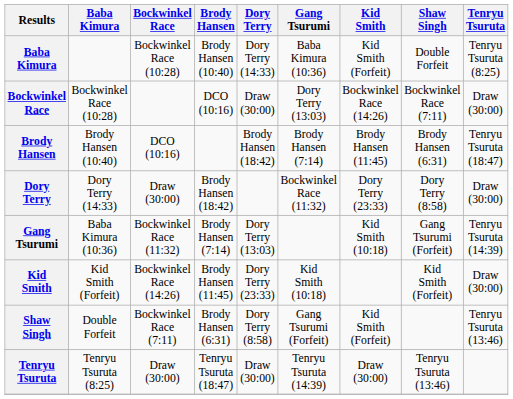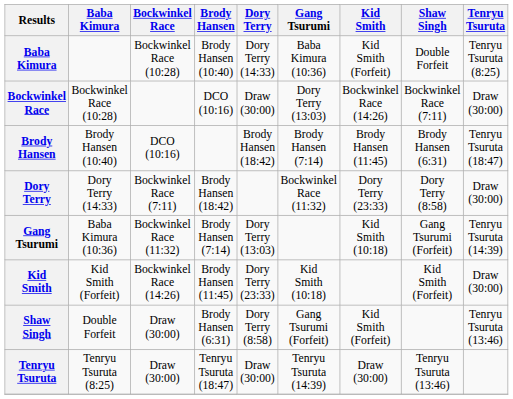 <table class="wikitable" style="text-align:center; margin: 1em auto 1em auto">
 <tr>
 <th>Results</th>
 <th><a href='#'>Baba</a><br><a href='#'>Kimura</a></th>
 <th><a href='#'>Bockwinkel</a><br><a href='#'>Race</a></th>
 <th><a href='#'>Brody</a><br><a href='#'>Hansen</a></th>
 <th><a href='#'>Dory</a><br><a href='#'>Terry</a></th>
 <th><a href='#'>Gang</a><br>Tsurumi</th>
 <th><a href='#'>Kid</a><br><a href='#'>Smith</a></th>
 <th><a href='#'>Shaw</a><br><a href='#'>Singh</a></th>
 <th><a href='#'>Tenryu</a><br><a href='#'>Tsuruta</a></th>
 </tr>
 <tr>
 <th><a href='#'>Baba</a><br><a href='#'>Kimura</a></th>
 <td></td>
 <td>Bockwinkel<br>Race<br>(10:28)</td>
 <td>Brody<br>Hansen<br>(10:40)</td>
 <td>Dory<br>Terry<br>(14:33)</td>
 <td>Baba<br>Kimura<br>(10:36)</td>
 <td>Kid<br>Smith<br>(Forfeit)</td>
 <td>Double<br>Forfeit</td>
 <td>Tenryu<br>Tsuruta<br>(8:25)</td>
 </tr>
 <tr>
 <th><a href='#'>Bockwinkel</a><br><a href='#'>Race</a></th>
 <td>Bockwinkel<br>Race<br>(10:28)</td>
 <td></td>
 <td>DCO<br>(10:16)</td>
 <td>Draw<br>(30:00)</td>
 <td>Dory<br>Terry<br>(13:03)</td>
 <td>Bockwinkel<br>Race<br>(14:26)</td>
 <td>Bockwinkel<br>Race<br>(7:11)</td>
 <td>Draw<br>(30:00)</td>
 </tr>
 <tr>
 <th><a href='#'>Brody</a><br><a href='#'>Hansen</a></th>
 <td>Brody<br>Hansen<br>(10:40)</td>
 <td>DCO<br>(10:16)</td>
 <td></td>
 <td>Brody<br>Hansen<br>(18:42)</td>
 <td>Brody<br>Hansen<br>(7:14)</td>
 <td>Brody<br>Hansen<br>(11:45)</td>
 <td>Brody<br>Hansen<br>(6:31)</td>
 <td>Tenryu<br>Tsuruta<br>(18:47)</td>
 </tr>
 <tr>
 <th><a href='#'>Dory</a><br><a href='#'>Terry</a></th>
 <td>Dory<br>Terry<br>(14:33)</td>
-<td>Draw<br>(30:00)</td>
+<td>Bockwinkel<br>Race<br>(7:11)</td>
 <td>Brody<br>Hansen<br>(18:42)</td>
 <td></td>
 <td>Bockwinkel<br>Race<br>(11:32)</td>
 <td>Dory<br>Terry<br>(23:33)</td>
 <td>Dory<br>Terry<br>(8:58)</td>
 <td>Draw<br>(30:00)</td>
 </tr>
 <tr>
 <th><a href='#'>Gang</a><br>Tsurumi</th>
 <td>Baba<br>Kimura<br>(10:36)</td>
 <td>Bockwinkel<br>Race<br>(11:32)</td>
 <td>Brody<br>Hansen<br>(7:14)</td>
 <td>Dory<br>Terry<br>(13:03)</td>
 <td></td>
 <td>Kid<br>Smith<br>(10:18)</td>
 <td>Gang<br>Tsurumi<br>(Forfeit)</td>
 <td>Tenryu<br>Tsuruta<br>(14:39)</td>
 </tr>
 <tr>
 <th><a href='#'>Kid</a><br><a href='#'>Smith</a></th>
 <td>Kid<br>Smith<br>(Forfeit)</td>
 <td>Bockwinkel<br>Race<br>(14:26)</td>
 <td>Brody<br>Hansen<br>(11:45)</td>
 <td>Dory<br>Terry<br>(23:33)</td>
 <td>Kid<br>Smith<br>(10:18)</td>
 <td></td>
 <td>Kid<br>Smith<br>(Forfeit)</td>
 <td>Draw<br>(30:00)</td>
 </tr>
 <tr>
 <th><a href='#'>Shaw</a><br><a href='#'>Singh</a></th>
 <td>Double<br>Forfeit</td>
-<td>Bockwinkel<br>Race<br>(7:11)</td>
+<td>Draw<br>(30:00)</td>
 <td>Brody<br>Hansen<br>(6:31)</td>
 <td>Dory<br>Terry<br>(8:58)</td>
 <td>Gang<br>Tsurumi<br>(Forfeit)</td>
 <td>Kid<br>Smith<br>(Forfeit)</td>
 <td></td>
 <td>Tenryu<br>Tsuruta<br>(13:46)</td>
 </tr>
 <tr>
 <th><a href='#'>Tenryu</a><br><a href='#'>Tsuruta</a></th>
 <td>Tenryu<br>Tsuruta<br>(8:25)</td>
 <td>Draw<br>(30:00)</td>
 <td>Tenryu<br>Tsuruta<br>(18:47)</td>
 <td>Draw<br>(30:00)</td>
 <td>Tenryu<br>Tsuruta<br>(14:39)</td>
 <td>Draw<br>(30:00)</td>
 <td>Tenryu<br>Tsuruta<br>(13:46)</td>
 <td></td>
 </tr>
 <tr>
 </tr>
 </table>
